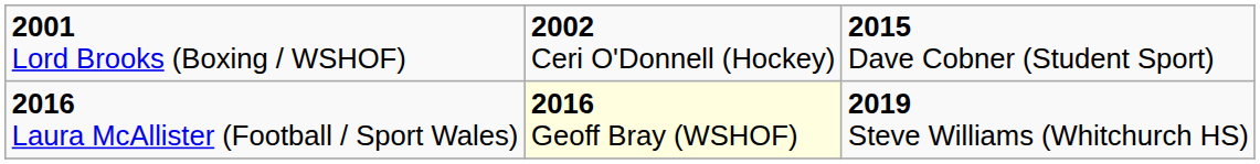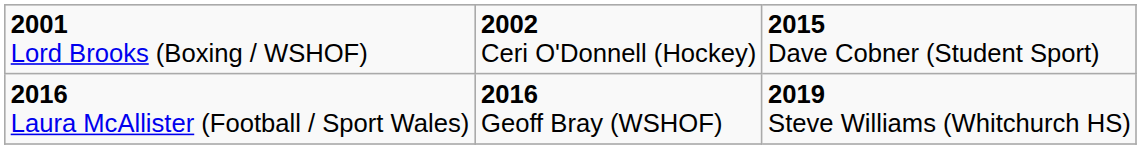 <table class="wikitable">
 <tr>
 <td><strong>2001</strong><br><a href='#'>Lord Brooks</a> (Boxing / WSHOF)</td>
 <td><strong>2002</strong><br>Ceri O'Donnell (Hockey)</td>
 <td><strong>2015</strong><br>Dave Cobner (Student Sport)</td>
 </tr>
 <tr>
 <td><strong>2016</strong><br><a href='#'>Laura McAllister</a> (Football / Sport Wales)</td>
-<td style="background: lightyellow;"><strong>2016</strong><br>Geoff Bray (WSHOF)</td>
+<td><strong>2016</strong><br>Geoff Bray (WSHOF)</td>
 <td><strong>2019</strong><br>Steve Williams (Whitchurch HS)</td>
 </tr>
 </table>
